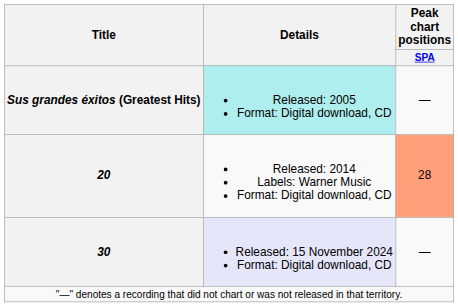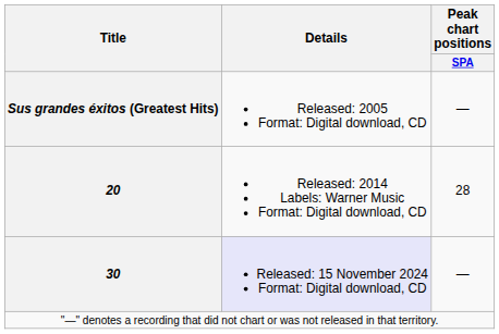 <table class="wikitable plainrowheaders" style="text-align:center;">
 <tr>
 <th scope="col" rowspan="2">Title</th>
 <th scope="col" rowspan="2">Details</th>
 <th scope="col" colspan="1">Peak chart positions</th>
 </tr>
 <tr>
 <th scope="col" style="width:3em;font-size:85%;"><a href='#'>SPA</a></th>
 </tr>
 <tr>
 <th scope="row"><em>Sus grandes éxitos</em> (Greatest Hits)</th>
-<td style="background: paleturquoise;"><br><ul><li>Released: 2005</li><li>Format: Digital download, CD</li></ul></td>
+<td><br><ul><li>Released: 2005</li><li>Format: Digital download, CD</li></ul></td>
 <td>—</td>
 </tr>
 <tr>
 <th scope="row"><em>20</em></th>
 <td><br><ul><li>Released: 2014</li><li>Labels: Warner Music</li><li>Format: Digital download, CD</li></ul></td>
-<td style="background: lightsalmon;">28</td>
+<td>28</td>
 </tr>
 <tr>
 <th scope="row"><em>30</em></th>
 <td style="background: lavender;"><br><ul><li>Released: 15 November 2024</li><li>Format: Digital download, CD</li></ul></td>
 <td>—</td>
 </tr>
 <tr>
 <td colspan="14" style="font-size:85%">"—" denotes a recording that did not chart or was not released in that territory.</td>
 </tr>
 </table>
